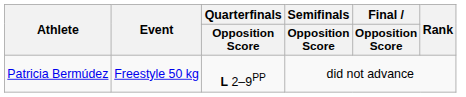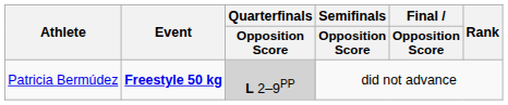 <table class="wikitable" style="font-size:90%;text-align:center">
 <tr>
 <th rowspan="2">Athlete</th>
 <th rowspan="2">Event</th>
 <th>Quarterfinals</th>
 <th>Semifinals</th>
 <th>Final / </th>
 <th rowspan="2">Rank</th>
 </tr>
 <tr style="font-size:95%">
 <th>Opposition<br>Score</th>
 <th>Opposition<br>Score</th>
 <th>Opposition<br>Score</th>
 </tr>
 <tr>
 <td style="text-align:left"><a href='#'>Patricia Bermúdez</a></td>
-<td style="text-align:left"><a href='#'>Freestyle 50 kg</a></td>
-<td><br><strong>L</strong> 2–9<sup>PP</sup></td>
+<td style="text-align:left"><strong><a href='#'>Freestyle 50 kg</a></strong></td>
+<td style="background: lightgrey;"><br><strong>L</strong> 2–9<sup>PP</sup></td>
 <td colspan=3>did not advance</td>
 </tr>
 </table>
